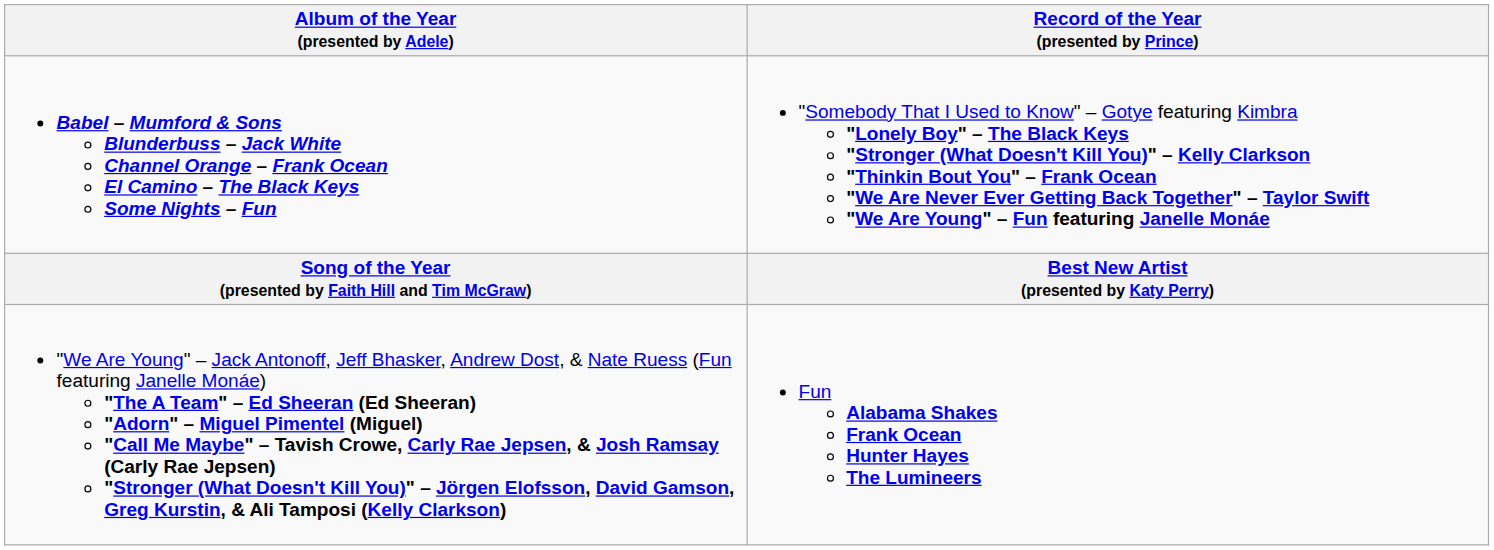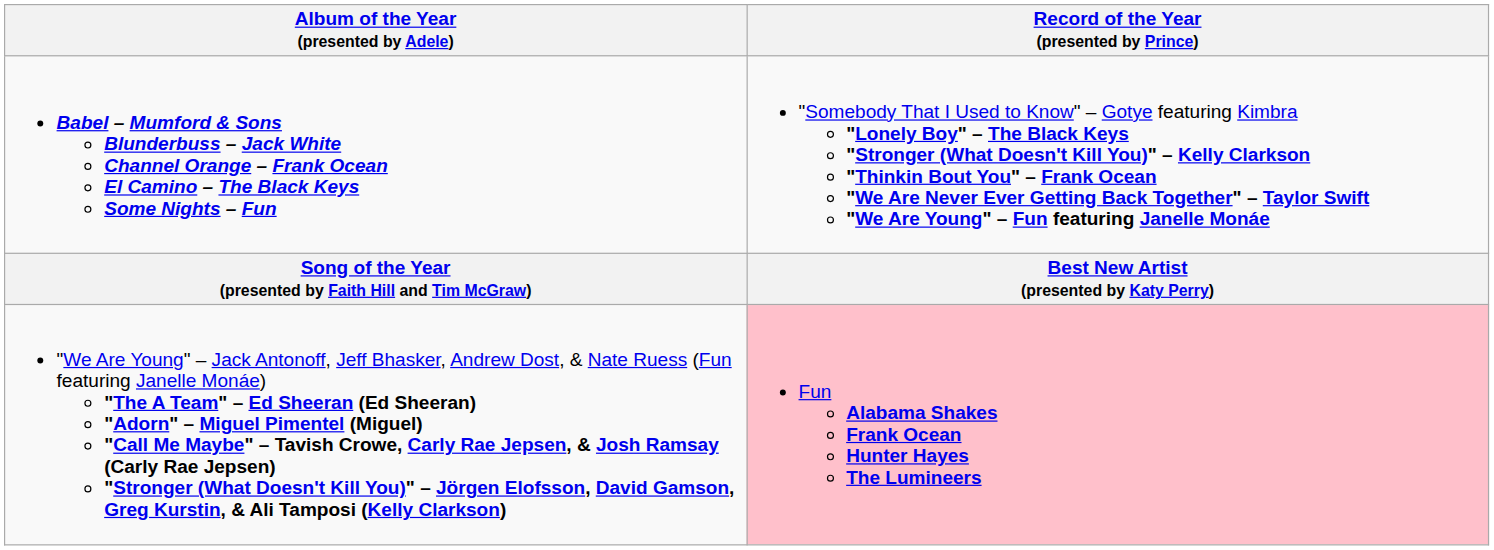 <table class="wikitable">
 <tr>
 <th scope="col" style="width:50%"><a href='#'>Album of the Year</a><br><small>(presented by <a href='#'>Adele</a>)</small></th>
 <th scope="col" style="width:50%"><a href='#'>Record of the Year</a><br><small>(presented by <a href='#'>Prince</a>)</small></th>
 </tr>
 <tr>
 <td><br><ul><li><strong><em><a href='#'>Babel</a><em> – <a href='#'>Mumford & Sons</a><strong><ul><li></em><a href='#'>Blunderbuss</a><em> –  <a href='#'>Jack White</a></li><li></em><a href='#'>Channel Orange</a><em> – <a href='#'>Frank Ocean</a></li><li></em><a href='#'>El Camino</a><em> – <a href='#'>The Black Keys</a></li><li></em><a href='#'>Some Nights</a><em> – <a href='#'>Fun</a></li></ul></li></ul></td>
 <td><br><ul><li></strong>"<a href='#'>Somebody That I Used to Know</a>" – <a href='#'>Gotye</a> featuring <a href='#'>Kimbra</a><strong><ul><li>"<a href='#'>Lonely Boy</a>" – <a href='#'>The Black Keys</a></li><li>"<a href='#'>Stronger (What Doesn't Kill You)</a>" – <a href='#'>Kelly Clarkson</a></li><li>"<a href='#'>Thinkin Bout You</a>" – <a href='#'>Frank Ocean</a></li><li>"<a href='#'>We Are Never Ever Getting Back Together</a>" – <a href='#'>Taylor Swift</a></li><li>"<a href='#'>We Are Young</a>" – <a href='#'>Fun</a> featuring <a href='#'>Janelle Monáe</a></li></ul></li></ul></td>
 </tr>
 <tr>
 <th><a href='#'>Song of the Year</a><br><small>(presented by <a href='#'>Faith Hill</a> and <a href='#'>Tim McGraw</a>)</small></th>
 <th><a href='#'>Best New Artist</a><br><small>(presented by <a href='#'>Katy Perry</a>)</small></th>
 </tr>
 <tr>
 <td><br><ul><li></strong>"<a href='#'>We Are Young</a>" – <a href='#'>Jack Antonoff</a>, <a href='#'>Jeff Bhasker</a>, <a href='#'>Andrew Dost</a>, & <a href='#'>Nate Ruess</a> (<a href='#'>Fun</a> featuring <a href='#'>Janelle Monáe</a>)<strong><ul><li>"<a href='#'>The A Team</a>" – <a href='#'>Ed Sheeran</a> (Ed Sheeran)</li><li>"<a href='#'>Adorn</a>" – <a href='#'>Miguel Pimentel</a> (Miguel)</li><li>"<a href='#'>Call Me Maybe</a>" – Tavish Crowe, <a href='#'>Carly Rae Jepsen</a>, & <a href='#'>Josh Ramsay</a> (Carly Rae Jepsen)</li><li>"<a href='#'>Stronger (What Doesn't Kill You)</a>" – <a href='#'>Jörgen Elofsson</a>, <a href='#'>David Gamson</a>, <a href='#'>Greg Kurstin</a>, & Ali Tamposi (<a href='#'>Kelly Clarkson</a>)</li></ul></li></ul></td>
-<td><br><ul><li></strong><a href='#'>Fun</a><strong><ul><li><a href='#'>Alabama Shakes</a></li><li><a href='#'>Frank Ocean</a></li><li><a href='#'>Hunter Hayes</a></li><li><a href='#'>The Lumineers</a></li></ul></li></ul></td>
+<td style="background: pink;"><br><ul><li></strong><a href='#'>Fun</a><strong><ul><li><a href='#'>Alabama Shakes</a></li><li><a href='#'>Frank Ocean</a></li><li><a href='#'>Hunter Hayes</a></li><li><a href='#'>The Lumineers</a></li></ul></li></ul></td>
 </tr>
 </table>
